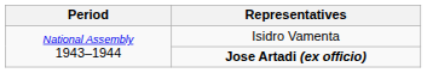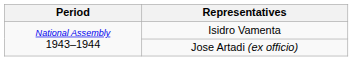 <table class="wikitable" style="text-align:center; width:40%;">
 <tr>
 <th width=40%>Period</th>
 <th>Representatives</th>
 </tr>
 <tr>
 <td rowspan="2"><small><a href='#'><em>National Assembly</em></a></small><br>1943–1944</td>
 <td>Isidro Vamenta</td>
 </tr>
 <tr>
-<td><strong>Jose Artadi <em>(ex officio)</em></strong></td>
+<td>Jose Artadi <em>(ex officio)</em></td>
 </tr>
 </table>
